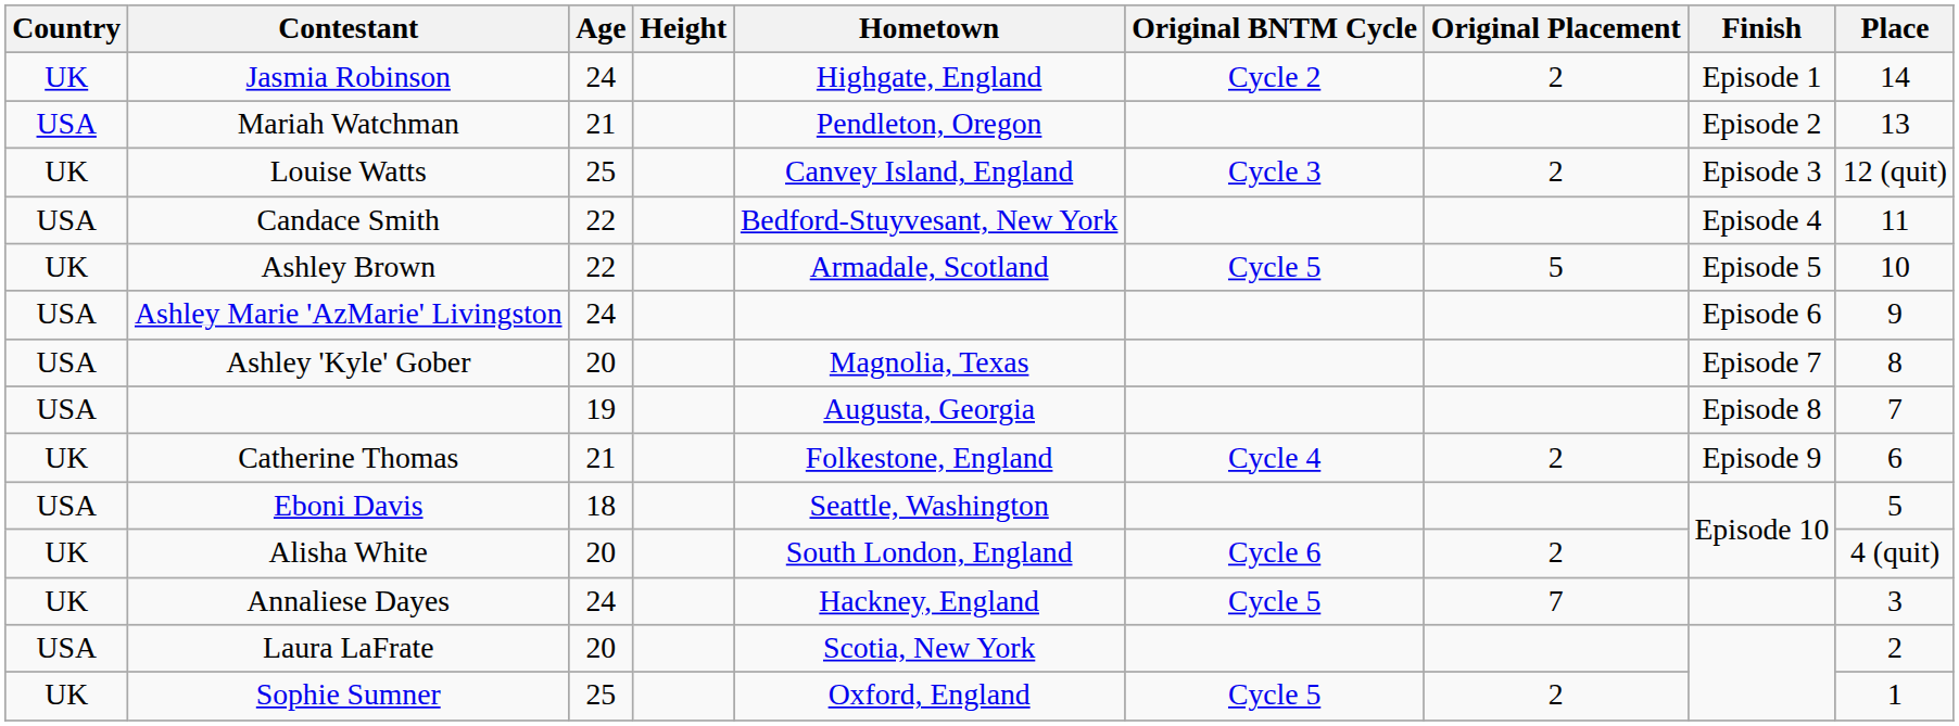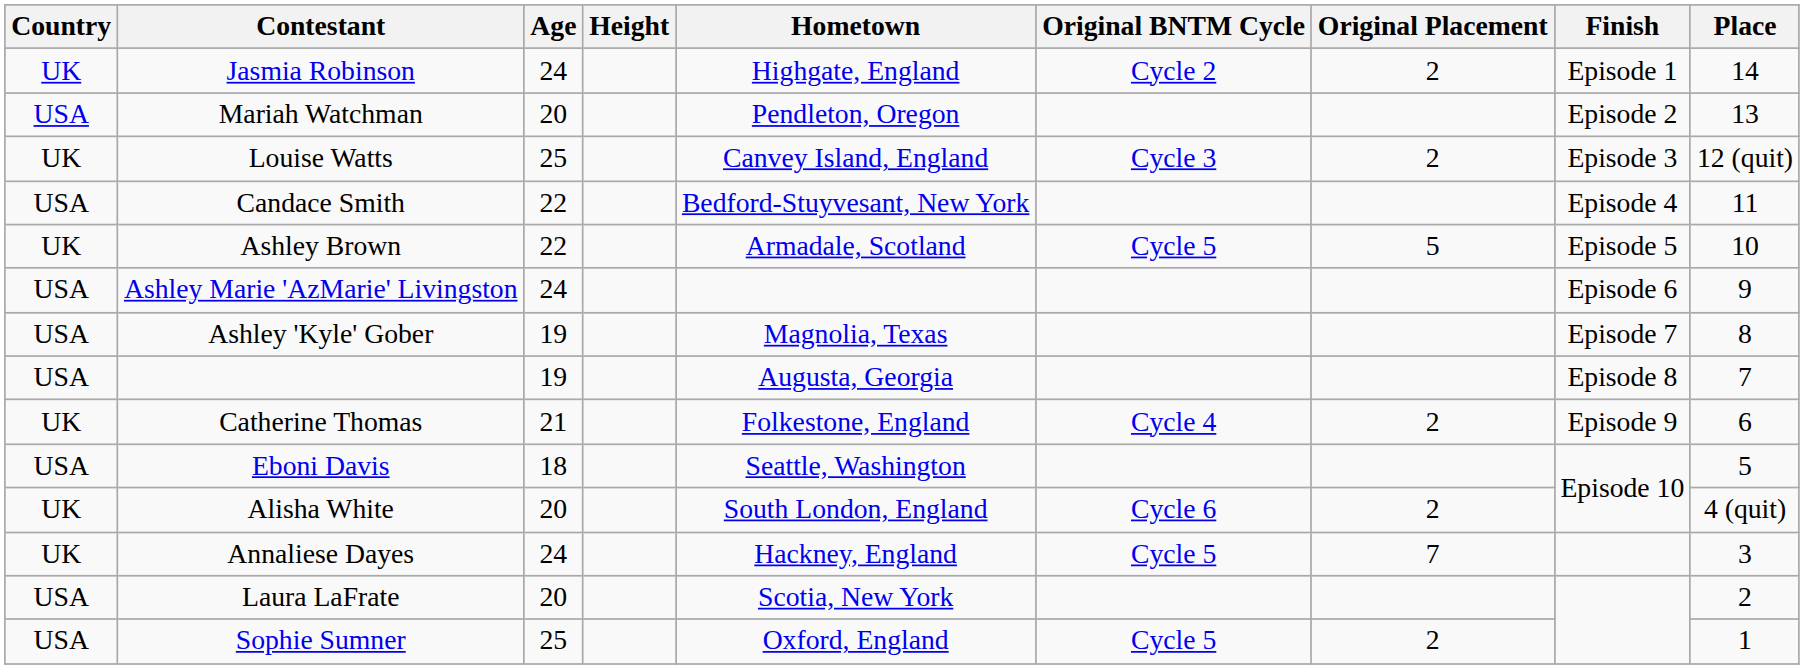 <table class="wikitable sortable" style="text-align:center;">
 <tr>
 <th>Country</th>
 <th>Contestant</th>
 <th>Age</th>
 <th>Height</th>
 <th>Hometown</th>
 <th>Original BNTM Cycle</th>
 <th>Original Placement</th>
 <th>Finish</th>
 <th>Place</th>
 </tr>
 <tr>
 <td><a href='#'>UK</a></td>
 <td><a href='#'>Jasmia Robinson</a></td>
 <td>24</td>
 <td></td>
 <td><a href='#'>Highgate, England</a></td>
 <td><a href='#'>Cycle 2</a></td>
 <td>2</td>
 <td>Episode 1</td>
 <td>14</td>
 </tr>
 <tr>
 <td><a href='#'>USA</a></td>
 <td>Mariah Watchman</td>
-<td>21</td>
+<td>20</td>
 <td></td>
 <td><a href='#'>Pendleton, Oregon</a></td>
 <td></td>
 <td></td>
 <td>Episode 2</td>
 <td>13</td>
 </tr>
 <tr>
 <td>UK</td>
 <td>Louise Watts</td>
 <td>25</td>
 <td></td>
 <td><a href='#'>Canvey Island, England</a></td>
 <td><a href='#'>Cycle 3</a></td>
 <td>2</td>
 <td>Episode 3</td>
 <td>12 (quit)</td>
 </tr>
 <tr>
 <td>USA</td>
 <td>Candace Smith</td>
 <td>22</td>
 <td></td>
 <td nowrap><a href='#'>Bedford-Stuyvesant, New York</a></td>
 <td></td>
 <td></td>
 <td>Episode 4</td>
 <td>11</td>
 </tr>
 <tr>
 <td>UK</td>
 <td>Ashley Brown</td>
 <td>22</td>
 <td></td>
 <td><a href='#'>Armadale, Scotland</a></td>
 <td><a href='#'>Cycle 5</a></td>
 <td>5</td>
 <td>Episode 5</td>
 <td>10</td>
 </tr>
 <tr>
 <td>USA</td>
 <td><a href='#'>Ashley Marie 'AzMarie' Livingston</a></td>
 <td>24</td>
 <td></td>
 <td></td>
 <td></td>
 <td></td>
 <td>Episode 6</td>
 <td>9</td>
 </tr>
 <tr>
 <td>USA</td>
 <td>Ashley 'Kyle' Gober</td>
-<td>20</td>
+<td>19</td>
 <td></td>
 <td><a href='#'>Magnolia, Texas</a></td>
 <td></td>
 <td></td>
 <td>Episode 7</td>
 <td>8</td>
 </tr>
 <tr>
 <td>USA</td>
 <td></td>
 <td>19</td>
 <td></td>
 <td><a href='#'>Augusta, Georgia</a></td>
 <td></td>
 <td></td>
 <td>Episode 8</td>
 <td>7</td>
 </tr>
 <tr>
 <td>UK</td>
 <td>Catherine Thomas</td>
 <td>21</td>
 <td></td>
 <td><a href='#'>Folkestone, England</a></td>
 <td><a href='#'>Cycle 4</a></td>
 <td>2</td>
 <td>Episode 9</td>
 <td>6</td>
 </tr>
 <tr>
 <td>USA</td>
 <td><a href='#'>Eboni Davis</a></td>
 <td>18</td>
 <td></td>
 <td><a href='#'>Seattle, Washington</a></td>
 <td></td>
 <td></td>
 <td rowspan="2">Episode 10</td>
 <td>5</td>
 </tr>
 <tr>
 <td>UK</td>
 <td>Alisha White</td>
 <td>20</td>
 <td></td>
 <td><a href='#'>South London, England</a></td>
 <td><a href='#'>Cycle 6</a></td>
 <td>2</td>
 <td>4 (quit)</td>
 </tr>
 <tr>
 <td>UK</td>
 <td>Annaliese Dayes</td>
 <td>24</td>
 <td></td>
 <td><a href='#'>Hackney, England</a></td>
 <td><a href='#'>Cycle 5</a></td>
 <td>7</td>
 <td></td>
 <td>3</td>
 </tr>
 <tr>
 <td>USA</td>
 <td>Laura LaFrate</td>
 <td>20</td>
 <td></td>
 <td><a href='#'>Scotia, New York</a></td>
 <td></td>
 <td></td>
 <td rowspan="2"></td>
 <td>2</td>
 </tr>
 <tr>
-<td>UK</td>
+<td>USA</td>
 <td><a href='#'>Sophie Sumner</a></td>
 <td>25</td>
 <td></td>
 <td><a href='#'>Oxford, England</a></td>
 <td><a href='#'>Cycle 5</a></td>
 <td>2</td>
 <td>1</td>
 </tr>
 </table>
